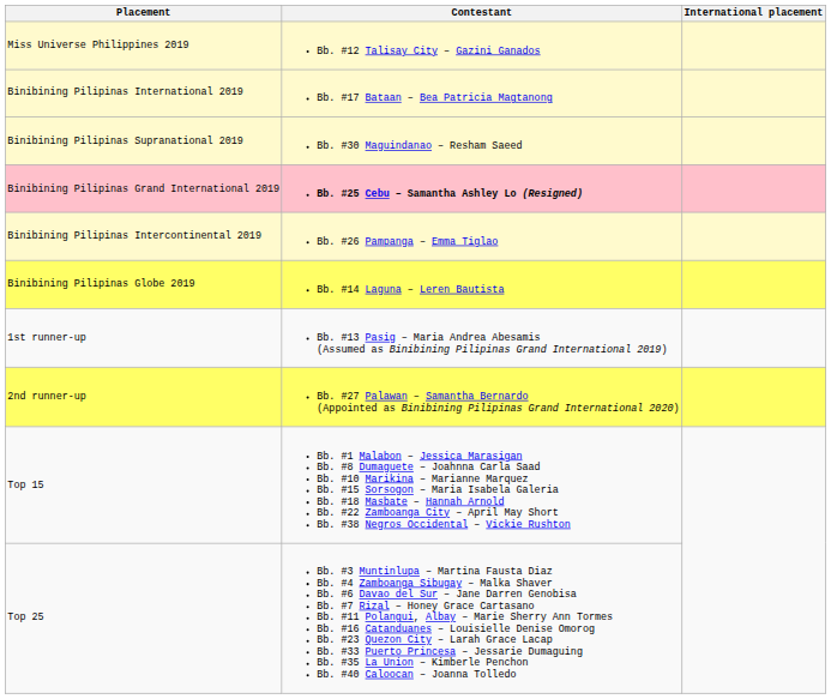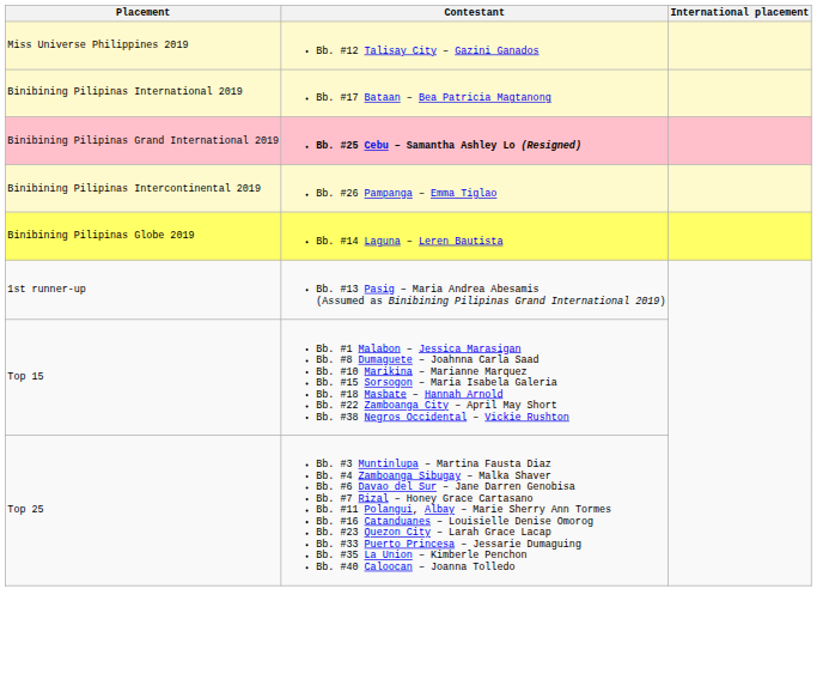 <table class="wikitable sortable" style="font-size:95%;">
 <tr>
 <th>Placement</th>
 <th>Contestant</th>
 <th>International placement</th>
 </tr>
 <tr style="background:#FFFACD;">
 <td>Miss Universe Philippines 2019</td>
 <td><br><ul><li>Bb. #12 <a href='#'>Talisay City</a> – <a href='#'>Gazini Ganados</a></li></ul></td>
 <td></td>
 </tr>
 <tr style="background:#FFFACD;">
 <td>Binibining Pilipinas International 2019</td>
 <td><br><ul><li>Bb. #17 <a href='#'>Bataan</a> – <a href='#'>Bea Patricia Magtanong</a></li></ul></td>
-<td></td>
-</tr>
-<tr style="background:#FFFACD;">
-<td>Binibining Pilipinas Supranational 2019</td>
-<td><br><ul><li>Bb. #30 <a href='#'>Maguindanao</a> – Resham Saeed</li></ul></td>
 <td></td>
 </tr>
 <tr style="background:pink;">
 <td>Binibining Pilipinas Grand International 2019</td>
 <td><strong><br><ul><li>Bb. #25 <a href='#'>Cebu</a> – Samantha Ashley Lo <em>(Resigned)</em></li></ul></strong></td>
 <td></td>
 </tr>
 <tr style="background:#FFFACD;">
 <td>Binibining Pilipinas Intercontinental 2019</td>
 <td><br><ul><li>Bb. #26 <a href='#'>Pampanga</a> – <a href='#'>Emma Tiglao</a></li></ul></td>
 <td></td>
 </tr>
 <tr style="background:#FFFF66;">
 <td>Binibining Pilipinas Globe 2019</td>
 <td><br><ul><li>Bb. #14 <a href='#'>Laguna</a> – <a href='#'>Leren Bautista</a></li></ul></td>
 <td></td>
 </tr>
 <tr>
 <td>1st runner-up</td>
 <td><br><ul><li>Bb. #13 <a href='#'>Pasig</a> – Maria Andrea Abesamis<br>(Assumed as <em>Binibining Pilipinas Grand International 2019</em>)</li></ul></td>
 </tr>
-<tr style="background:#FFFF66;">
-<td>2nd runner-up</td>
-<td><br><ul><li>Bb. #27 <a href='#'>Palawan</a> – <a href='#'>Samantha Bernardo</a><br>(Appointed as <em>Binibining Pilipinas Grand International 2020</em>)</li></ul></td>
-<td></td>
-</tr>
 <tr>
 <td>Top 15</td>
 <td><br><ul><li>Bb. #1 <a href='#'>Malabon</a> – <a href='#'>Jessica Marasigan</a></li><li>Bb. #8 <a href='#'>Dumaguete</a> – Joahnna Carla Saad</li><li>Bb. #10 <a href='#'>Marikina</a> – Marianne Marquez</li><li>Bb. #15 <a href='#'>Sorsogon</a> – Maria Isabela Galeria</li><li>Bb. #18 <a href='#'>Masbate</a> – <a href='#'>Hannah Arnold</a></li><li>Bb. #22 <a href='#'>Zamboanga City</a> – April May Short</li><li>Bb. #38 <a href='#'>Negros Occidental</a> – <a href='#'>Vickie Rushton</a></li></ul></td>
 </tr>
 <tr>
 <td>Top 25</td>
 <td><br><ul><li>Bb. #3 <a href='#'>Muntinlupa</a> – Martina Fausta Diaz</li><li>Bb. #4 <a href='#'>Zamboanga Sibugay</a> – Malka Shaver</li><li>Bb. #6 <a href='#'>Davao del Sur</a> – Jane Darren Genobisa</li><li>Bb. #7 <a href='#'>Rizal</a> – Honey Grace Cartasano</li><li>Bb. #11 <a href='#'>Polangui</a>, <a href='#'>Albay</a> – Marie Sherry Ann Tormes</li><li>Bb. #16 <a href='#'>Catanduanes</a> – Louisielle Denise Omorog</li><li>Bb. #23 <a href='#'>Quezon City</a> – Larah Grace Lacap</li><li>Bb. #33 <a href='#'>Puerto Princesa</a> – Jessarie Dumaguing</li><li>Bb. #35 <a href='#'>La Union</a> – Kimberle Penchon</li><li>Bb. #40 <a href='#'>Caloocan</a> – Joanna Tolledo</li></ul></td>
 </tr>
 </table>
